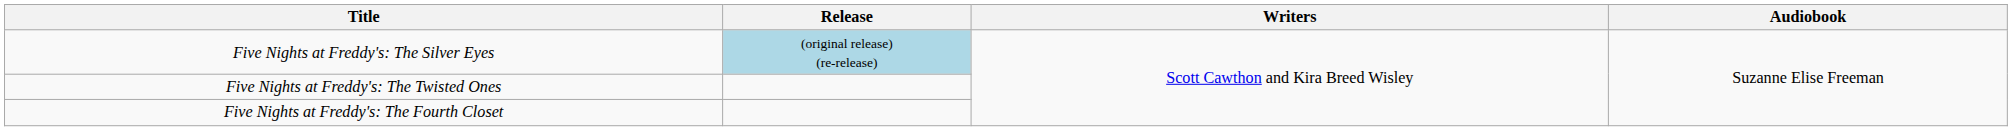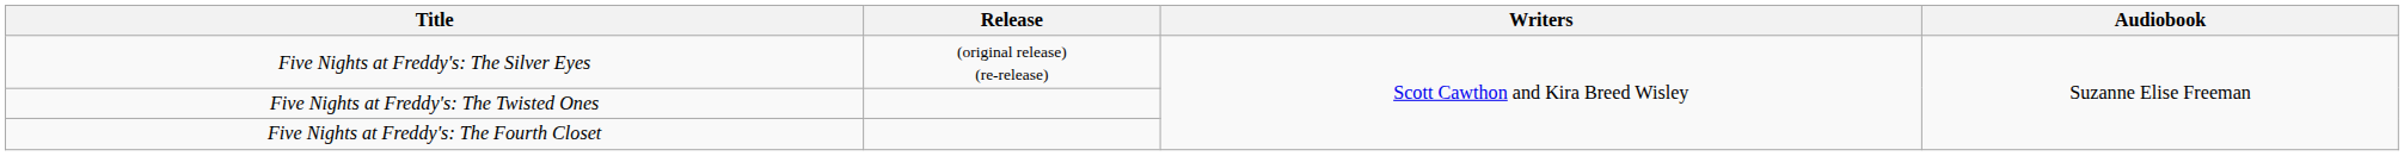 <table class="wikitable plainrowheaders sortable" style="text-align:center" border="1" width="100%">
 <tr>
 <th scope="col">Title</th>
 <th scope="col">Release</th>
 <th scope="col">Writers</th>
 <th scope="col">Audiobook</th>
 </tr>
 <tr>
 <td><em>Five Nights at Freddy's: The Silver Eyes</em></td>
-<td style="background: lightblue;"> <small>(original release)</small><br> <small>(re-release)</small></td>
+<td> <small>(original release)</small><br> <small>(re-release)</small></td>
 <td rowspan="3"><a href='#'>Scott Cawthon</a> and Kira Breed Wisley</td>
 <td rowspan="3">Suzanne Elise Freeman</td>
 </tr>
 <tr>
 <td><em>Five Nights at Freddy's: The Twisted Ones</em></td>
 <td></td>
 </tr>
 <tr>
 <td><em>Five Nights at Freddy's: The Fourth Closet</em></td>
 <td></td>
 </tr>
 </table>
